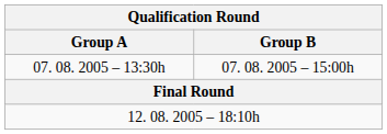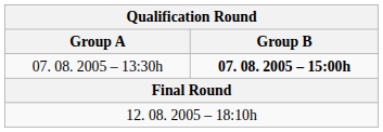 <table class="wikitable" style=" text-align:center; font-size:110%;" width="35%">
 <tr>
 <th colspan="2">Qualification Round</th>
 </tr>
 <tr>
 <th>Group A</th>
 <th>Group B</th>
 </tr>
 <tr>
 <td>07. 08. 2005 – 13:30h</td>
-<td>07. 08. 2005 – 15:00h</td>
+<td><strong>07. 08. 2005 – 15:00h</strong></td>
 </tr>
 <tr>
 <th colspan="2">Final Round</th>
 </tr>
 <tr>
 <td colspan="2">12. 08. 2005 – 18:10h</td>
 </tr>
 </table>
